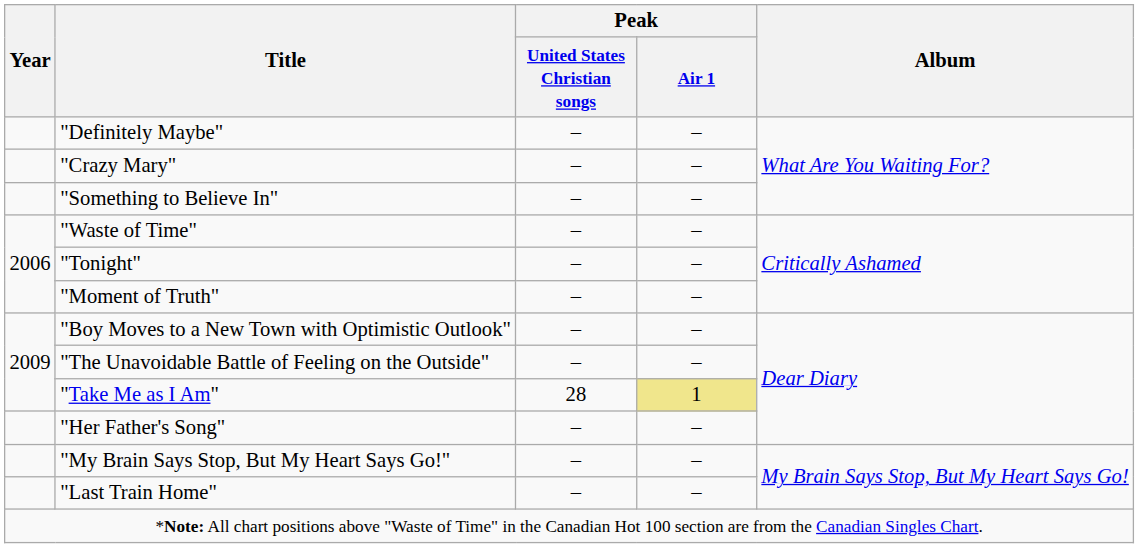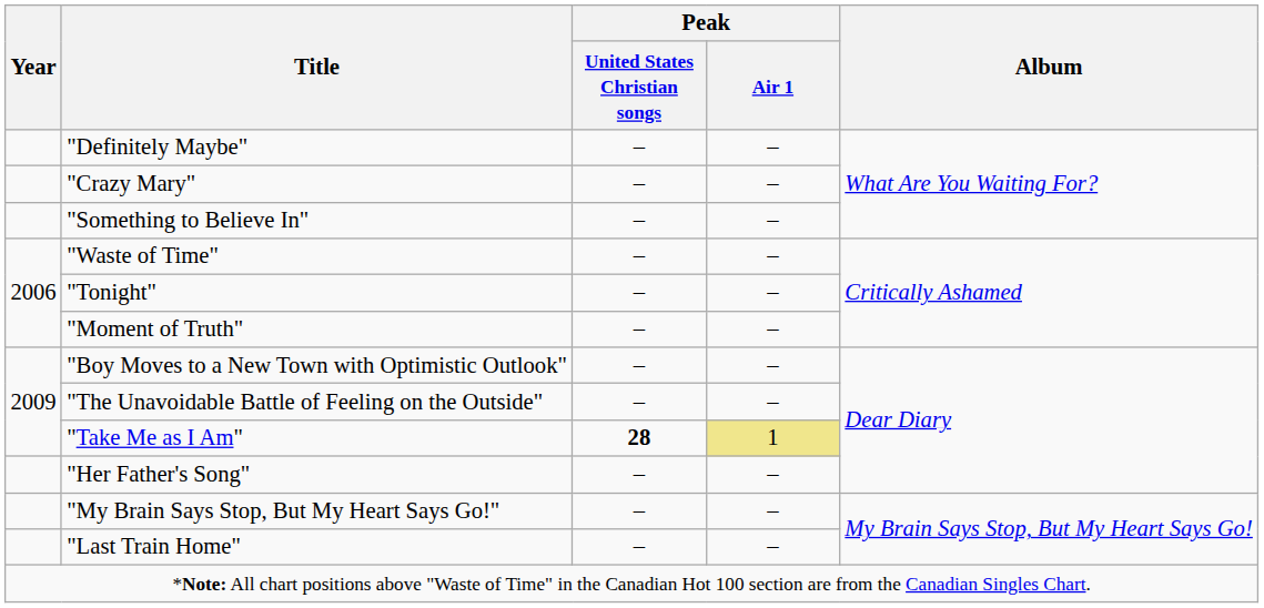 <table class="wikitable">
 <tr>
 <th rowspan="2">Year</th>
 <th rowspan="2">Title</th>
 <th colspan="2">Peak</th>
 <th rowspan="2">Album</th>
 </tr>
 <tr>
 <th style="width:86px;"><small><a href='#'>United States Christian songs</a></small></th>
 <th style="width:86px;"><small><a href='#'>Air 1</a></small></th>
 </tr>
 <tr>
 <td></td>
 <td>"Definitely Maybe"</td>
 <td style="text-align:center;">–</td>
 <td style="text-align:center;">–</td>
 <td rowspan="3"><em><a href='#'>What Are You Waiting For?</a></em></td>
 </tr>
 <tr>
 <td></td>
 <td>"Crazy Mary"</td>
 <td style="text-align:center;">–</td>
 <td style="text-align:center;">–</td>
 </tr>
 <tr>
 <td></td>
 <td>"Something to Believe In"</td>
 <td style="text-align:center;">–</td>
 <td style="text-align:center;">–</td>
 </tr>
 <tr>
 <td rowspan="3" style="text-align:center;">2006</td>
 <td>"Waste of Time"</td>
 <td style="text-align:center;">–</td>
 <td style="text-align:center;">–</td>
 <td rowspan="3"><em><a href='#'>Critically Ashamed</a></em></td>
 </tr>
 <tr>
 <td>"Tonight"</td>
 <td style="text-align:center;">–</td>
 <td style="text-align:center;">–</td>
 </tr>
 <tr>
 <td>"Moment of Truth"</td>
 <td style="text-align:center;">–</td>
 <td style="text-align:center;">–</td>
 </tr>
 <tr>
 <td rowspan="3" style="text-align:center;">2009</td>
 <td>"Boy Moves to a New Town with Optimistic Outlook"</td>
 <td style="text-align:center;">–</td>
 <td style="text-align:center;">–</td>
 <td rowspan="4"><em><a href='#'>Dear Diary</a></em></td>
 </tr>
 <tr>
 <td>"The Unavoidable Battle of Feeling on the Outside"</td>
 <td style="text-align:center;">–</td>
 <td style="text-align:center;">–</td>
 </tr>
 <tr>
 <td>"<a href='#'>Take Me as I Am</a>"</td>
-<td style="text-align:center;">28</td>
+<td style="text-align:center;"><strong>28</strong></td>
 <td style="background: khaki; text-align:center;">1</td>
 </tr>
 <tr>
 <td></td>
 <td>"Her Father's Song"</td>
 <td style="text-align:center;">–</td>
 <td style="text-align:center;">–</td>
 </tr>
 <tr>
 <td></td>
 <td>"My Brain Says Stop, But My Heart Says Go!"</td>
 <td style="text-align:center;">–</td>
 <td style="text-align:center;">–</td>
 <td rowspan="2"><em><a href='#'>My Brain Says Stop, But My Heart Says Go!</a></em></td>
 </tr>
 <tr>
 <td></td>
 <td>"Last Train Home"</td>
 <td style="text-align:center;">–</td>
 <td style="text-align:center;">–</td>
 </tr>
 <tr>
 <td style="text-align:center;" colspan="7"><small>*<strong>Note:</strong> All chart positions above "Waste of Time" in the Canadian Hot 100 section are from the <a href='#'>Canadian Singles Chart</a>.</small></td>
 </tr>
 </table>
